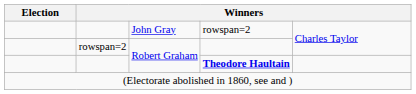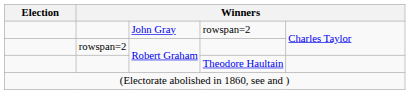 <table class=wikitable>
 <tr>
 <th width=100>Election</th>
 <th width=350 colspan=4>Winners</th>
 </tr>
 <tr>
 <td></td>
 <td></td>
 <td><a href='#'>John Gray</a></td>
 <td>rowspan=2 </td>
 <td width=170 rowspan=2><a href='#'>Charles Taylor</a></td>
 </tr>
 <tr>
 <td></td>
 <td>rowspan=2 </td>
 <td rowspan=2><a href='#'>Robert Graham</a></td>
 </tr>
 <tr>
 <td></td>
 <td></td>
-<td><strong><a href='#'>Theodore Haultain</a></strong></td>
+<td><a href='#'>Theodore Haultain</a></td>
 </tr>
 <tr>
 <td colspan=5 align=center><span>(Electorate abolished in 1860, see  and )</span></td>
 </tr>
 </table>
